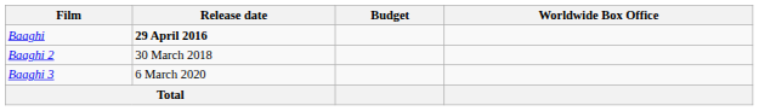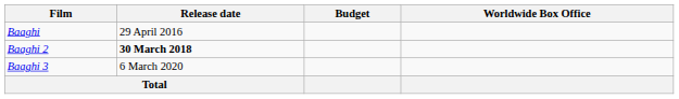 <table class="wikitable" style="width:75%;">
 <tr>
 <th style="text-align:centr;">Film</th>
 <th style="text-align:centr;">Release date</th>
 <th style="text-align:centr;">Budget</th>
 <th style="text-align:centr;">Worldwide Box Office</th>
 </tr>
 <tr>
 <td><em><a href='#'>Baaghi</a></em></td>
-<td><strong>29 April 2016</strong></td>
+<td>29 April 2016</td>
 <td></td>
 <td></td>
 </tr>
 <tr>
 <td><em><a href='#'>Baaghi 2</a></em></td>
-<td>30 March 2018</td>
+<td><strong>30 March 2018</strong></td>
 <td></td>
 <td></td>
 </tr>
 <tr>
 <td><em><a href='#'>Baaghi 3</a></em></td>
 <td>6 March 2020</td>
 <td></td>
 <td></td>
 </tr>
 <tr>
 <th colspan="2">Total</th>
 <th></th>
 <th></th>
 </tr>
 </table>
